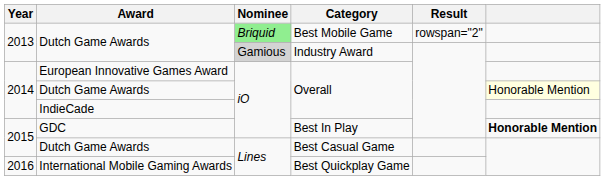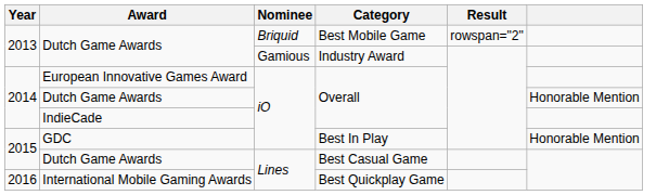 <table class="wikitable">
 <tr>
 <th>Year</th>
 <th>Award</th>
 <th>Nominee</th>
 <th>Category</th>
 <th>Result</th>
 <th></th>
 </tr>
 <tr>
 <td rowspan="2">2013</td>
 <td rowspan="2">Dutch Game Awards</td>
-<td style="background: lightgreen;"><em>Briquid</em></td>
+<td><em>Briquid</em></td>
 <td>Best Mobile Game</td>
 <td>rowspan="2" </td>
 <td align=center></td>
 </tr>
 <tr>
-<td style="background: lightgrey;">Gamious</td>
+<td>Gamious</td>
 <td>Industry Award</td>
 <td rowspan="5" align=center></td>
 </tr>
 <tr>
 <td rowspan="3">2014</td>
 <td>European Innovative Games Award</td>
 <td rowspan="4"><em>iO</em></td>
 <td rowspan="3">Overall</td>
 <td></td>
 </tr>
 <tr>
 <td>Dutch Game Awards</td>
-<td style="background: lightyellow;">Honorable Mention</td>
+<td>Honorable Mention</td>
 </tr>
 <tr>
 <td>IndieCade</td>
 <td></td>
 </tr>
 <tr>
 <td rowspan="2">2015</td>
 <td>GDC</td>
 <td>Best In Play</td>
-<td><strong>Honorable Mention</strong></td>
+<td>Honorable Mention</td>
 </tr>
 <tr>
 <td>Dutch Game Awards</td>
 <td rowspan="2"><em>Lines</em></td>
 <td>Best Casual Game</td>
 <td></td>
 <td rowspan=2 align=center></td>
 </tr>
 <tr>
 <td>2016</td>
 <td>International Mobile Gaming Awards</td>
 <td>Best Quickplay Game</td>
 <td></td>
 </tr>
 </table>
